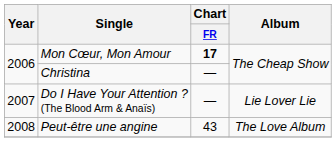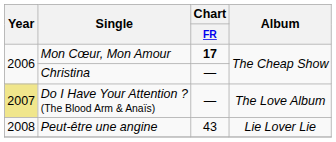 <table class="wikitable">
 <tr>
 <th align="center" rowspan="2">Year</th>
 <th align="center" rowspan="2">Single</th>
 <th align="center" colspan="1">Chart</th>
 <th align="center" rowspan="2">Album</th>
 </tr>
 <tr>
 <th width="30"><small><a href='#'>FR</a></small></th>
 </tr>
 <tr>
 <td align="center" rowspan="2">2006</td>
 <td><em>Mon Cœur, Mon Amour</em></td>
 <td align="center"><strong>17</strong></td>
 <td align="center" rowspan="2"><em>The Cheap Show</em></td>
 </tr>
 <tr>
 <td><em>Christina</em></td>
 <td align="center">—</td>
 </tr>
 <tr>
-<td align="center" rowspan="1">2007</td>
+<td align="center" rowspan="1" style="background: khaki;">2007</td>
 <td><em>Do I Have Your Attention ?</em><br><small>(The Blood Arm & Anaïs)</small></td>
 <td align="center">—</td>
-<td align="center" rowspan="1"><em>Lie Lover Lie</em></td>
+<td align="center" rowspan="1"><em>The Love Album</em></td>
 </tr>
 <tr>
 <td align="center" rowspan="1">2008</td>
 <td><em>Peut-être une angine</em></td>
 <td align="center">43</td>
-<td align="center" rowspan="1"><em>The Love Album</em></td>
+<td align="center" rowspan="1"><em>Lie Lover Lie</em></td>
 </tr>
 <tr>
 </tr>
 </table>
